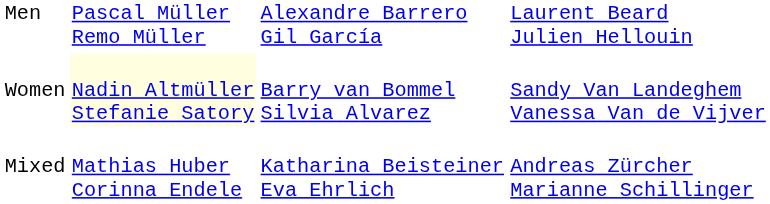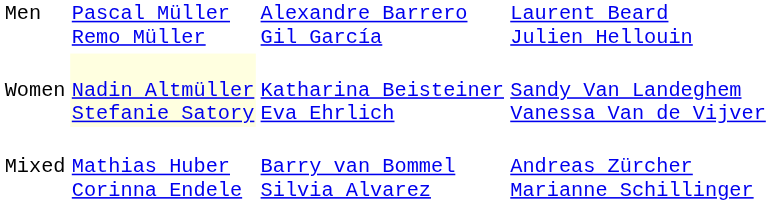 <table>
 <tr>
 <td>Men<br></td>
 <td><br><a href='#'>Pascal Müller</a><br><a href='#'>Remo Müller</a></td>
 <td><br><a href='#'>Alexandre Barrero</a><br><a href='#'>Gil García</a></td>
 <td><br><a href='#'>Laurent Beard</a><br><a href='#'>Julien Hellouin</a></td>
 </tr>
 <tr>
 <td>Women<br></td>
 <td style="background: lightyellow;"><br><a href='#'>Nadin Altmüller</a><br><a href='#'>Stefanie Satory</a></td>
-<td><br><a href='#'>Barry van Bommel</a><br><a href='#'>Silvia Alvarez</a></td>
+<td><br><a href='#'>Katharina Beisteiner</a><br><a href='#'>Eva Ehrlich</a></td>
 <td><br><a href='#'>Sandy Van Landeghem</a><br><a href='#'>Vanessa Van de Vijver</a></td>
 </tr>
 <tr>
 <td>Mixed<br></td>
 <td><br><a href='#'>Mathias Huber</a><br><a href='#'>Corinna Endele</a></td>
-<td><br><a href='#'>Katharina Beisteiner</a><br><a href='#'>Eva Ehrlich</a></td>
+<td><br><a href='#'>Barry van Bommel</a><br><a href='#'>Silvia Alvarez</a></td>
 <td><br><a href='#'>Andreas Zürcher</a><br><a href='#'>Marianne Schillinger</a></td>
 </tr>
 </table>
